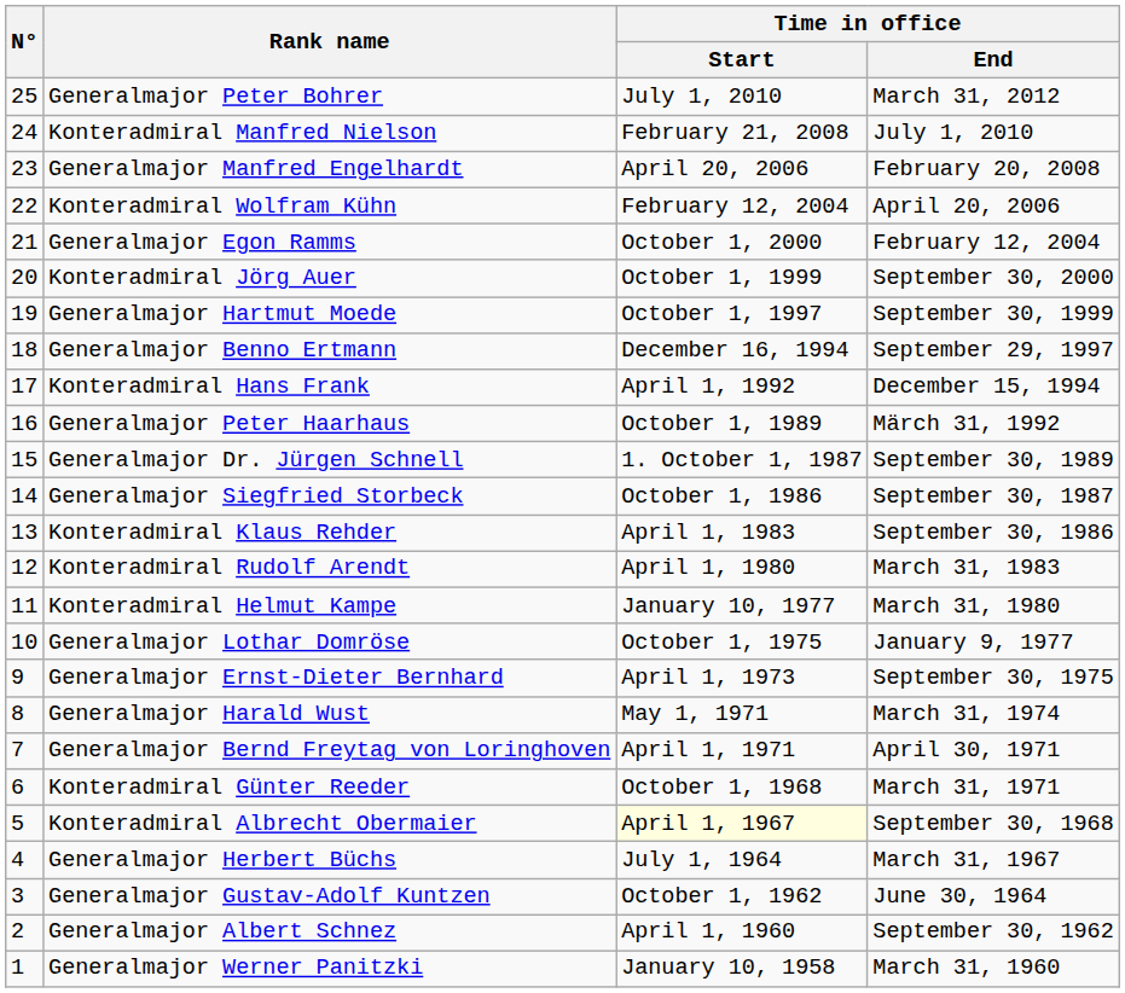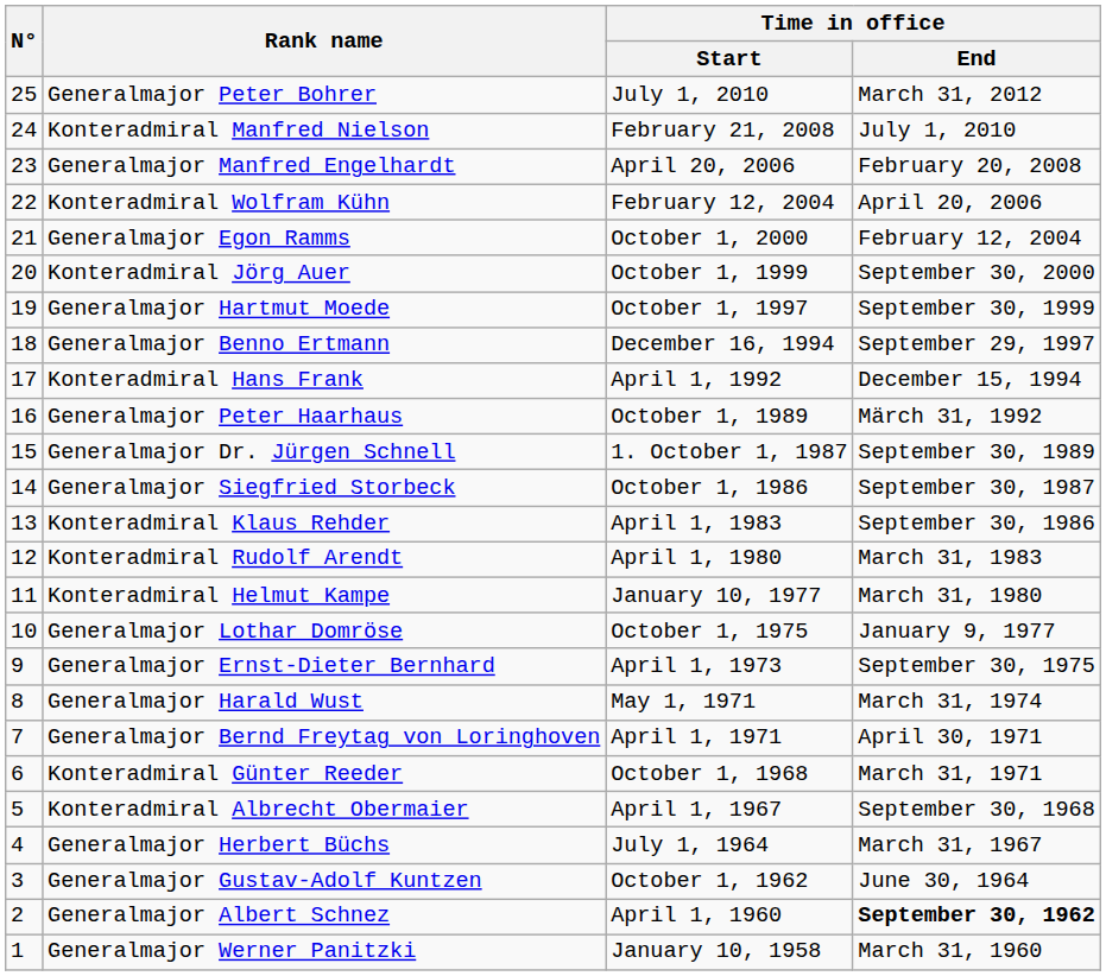 <table class="wikitable">
 <tr>
 <th align="center" rowspan="2">N°</th>
 <th align="center" rowspan="2">Rank name</th>
 <th align="center" colspan="2">Time in office</th>
 </tr>
 <tr>
 <th>Start</th>
 <th>End</th>
 </tr>
 <tr>
 <td>25</td>
 <td>Generalmajor <a href='#'>Peter Bohrer</a></td>
 <td>July 1, 2010</td>
 <td>March 31, 2012</td>
 </tr>
 <tr>
 <td>24</td>
 <td>Konteradmiral <a href='#'>Manfred Nielson</a></td>
 <td>February 21, 2008</td>
 <td>July 1, 2010</td>
 </tr>
 <tr>
 <td>23</td>
 <td>Generalmajor <a href='#'>Manfred Engelhardt</a></td>
 <td>April 20, 2006</td>
 <td>February 20, 2008</td>
 </tr>
 <tr>
 <td>22</td>
 <td>Konteradmiral <a href='#'>Wolfram Kühn</a></td>
 <td>February 12, 2004</td>
 <td>April 20, 2006</td>
 </tr>
 <tr>
 <td>21</td>
 <td>Generalmajor <a href='#'>Egon Ramms</a></td>
 <td>October 1, 2000</td>
 <td>February 12, 2004</td>
 </tr>
 <tr>
 <td>20</td>
 <td>Konteradmiral <a href='#'>Jörg Auer</a></td>
 <td>October 1, 1999</td>
 <td>September 30, 2000</td>
 </tr>
 <tr>
 <td>19</td>
 <td>Generalmajor <a href='#'>Hartmut Moede</a></td>
 <td>October 1, 1997</td>
 <td>September 30, 1999</td>
 </tr>
 <tr>
 <td>18</td>
 <td>Generalmajor <a href='#'>Benno Ertmann</a></td>
 <td>December 16, 1994</td>
 <td>September 29, 1997</td>
 </tr>
 <tr>
 <td>17</td>
 <td>Konteradmiral <a href='#'>Hans Frank</a></td>
 <td>April 1, 1992</td>
 <td>December 15, 1994</td>
 </tr>
 <tr>
 <td>16</td>
 <td>Generalmajor <a href='#'>Peter Haarhaus</a></td>
 <td>October 1, 1989</td>
 <td>Märch 31, 1992</td>
 </tr>
 <tr>
 <td>15</td>
 <td>Generalmajor Dr. <a href='#'>Jürgen Schnell</a></td>
 <td>1. October 1, 1987</td>
 <td>September 30, 1989</td>
 </tr>
 <tr>
 <td>14</td>
 <td>Generalmajor <a href='#'>Siegfried Storbeck</a></td>
 <td>October 1, 1986</td>
 <td>September 30, 1987</td>
 </tr>
 <tr>
 <td>13</td>
 <td>Konteradmiral <a href='#'>Klaus Rehder</a></td>
 <td>April 1, 1983</td>
 <td>September 30, 1986</td>
 </tr>
 <tr>
 <td>12</td>
 <td>Konteradmiral <a href='#'>Rudolf Arendt</a></td>
 <td>April 1, 1980</td>
 <td>March 31, 1983</td>
 </tr>
 <tr>
 <td>11</td>
 <td>Konteradmiral <a href='#'>Helmut Kampe</a></td>
 <td>January 10, 1977</td>
 <td>March 31, 1980</td>
 </tr>
 <tr>
 <td>10</td>
 <td>Generalmajor <a href='#'>Lothar Domröse</a></td>
 <td>October 1, 1975</td>
 <td>January 9, 1977</td>
 </tr>
 <tr>
 <td>9</td>
 <td>Generalmajor <a href='#'>Ernst-Dieter Bernhard</a></td>
 <td>April 1, 1973</td>
 <td>September 30, 1975</td>
 </tr>
 <tr>
 <td>8</td>
 <td>Generalmajor <a href='#'>Harald Wust</a></td>
 <td>May 1, 1971</td>
 <td>March 31, 1974</td>
 </tr>
 <tr>
 <td>7</td>
 <td>Generalmajor <a href='#'>Bernd Freytag von Loringhoven</a></td>
 <td>April 1, 1971</td>
 <td>April 30, 1971</td>
 </tr>
 <tr>
 <td>6</td>
 <td>Konteradmiral <a href='#'>Günter Reeder</a></td>
 <td>October 1, 1968</td>
 <td>March 31, 1971</td>
 </tr>
 <tr>
 <td>5</td>
 <td>Konteradmiral <a href='#'>Albrecht Obermaier</a></td>
-<td style="background: lightyellow;">April 1, 1967</td>
+<td>April 1, 1967</td>
 <td>September 30, 1968</td>
 </tr>
 <tr>
 <td>4</td>
 <td>Generalmajor <a href='#'>Herbert Büchs</a></td>
 <td>July 1, 1964</td>
 <td>March 31, 1967</td>
 </tr>
 <tr>
 <td>3</td>
 <td>Generalmajor <a href='#'>Gustav-Adolf Kuntzen</a></td>
 <td>October 1, 1962</td>
 <td>June 30, 1964</td>
 </tr>
 <tr>
 <td>2</td>
 <td>Generalmajor <a href='#'>Albert Schnez</a></td>
 <td>April 1, 1960</td>
-<td>September 30, 1962</td>
+<td><strong>September 30, 1962</strong></td>
 </tr>
 <tr>
 <td>1</td>
 <td>Generalmajor <a href='#'>Werner Panitzki</a></td>
 <td>January 10, 1958</td>
 <td>March 31, 1960</td>
 </tr>
 </table>
